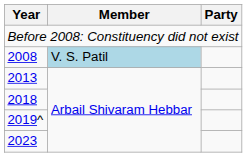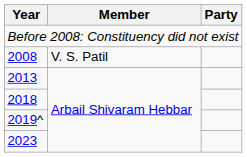 <table class="wikitable sortable">
 <tr>
 <th>Year</th>
 <th>Member</th>
 <th colspan="2">Party</th>
 </tr>
 <tr>
 <td colspan=4><em>Before 2008: Constituency did not exist</em></td>
 </tr>
 <tr>
 <td><a href='#'>2008</a></td>
-<td style="background: lightblue;">V. S. Patil</td>
+<td>V. S. Patil</td>
 <td></td>
 </tr>
 <tr>
 <td><a href='#'>2013</a></td>
 <td rowspan="4"><a href='#'>Arbail Shivaram Hebbar</a></td>
 <td></td>
 </tr>
 <tr>
 <td><a href='#'>2018</a></td>
 </tr>
 <tr>
 <td><a href='#'>2019</a>^</td>
 <td></td>
 </tr>
 <tr>
 <td><a href='#'>2023</a></td>
 </tr>
 </table>
